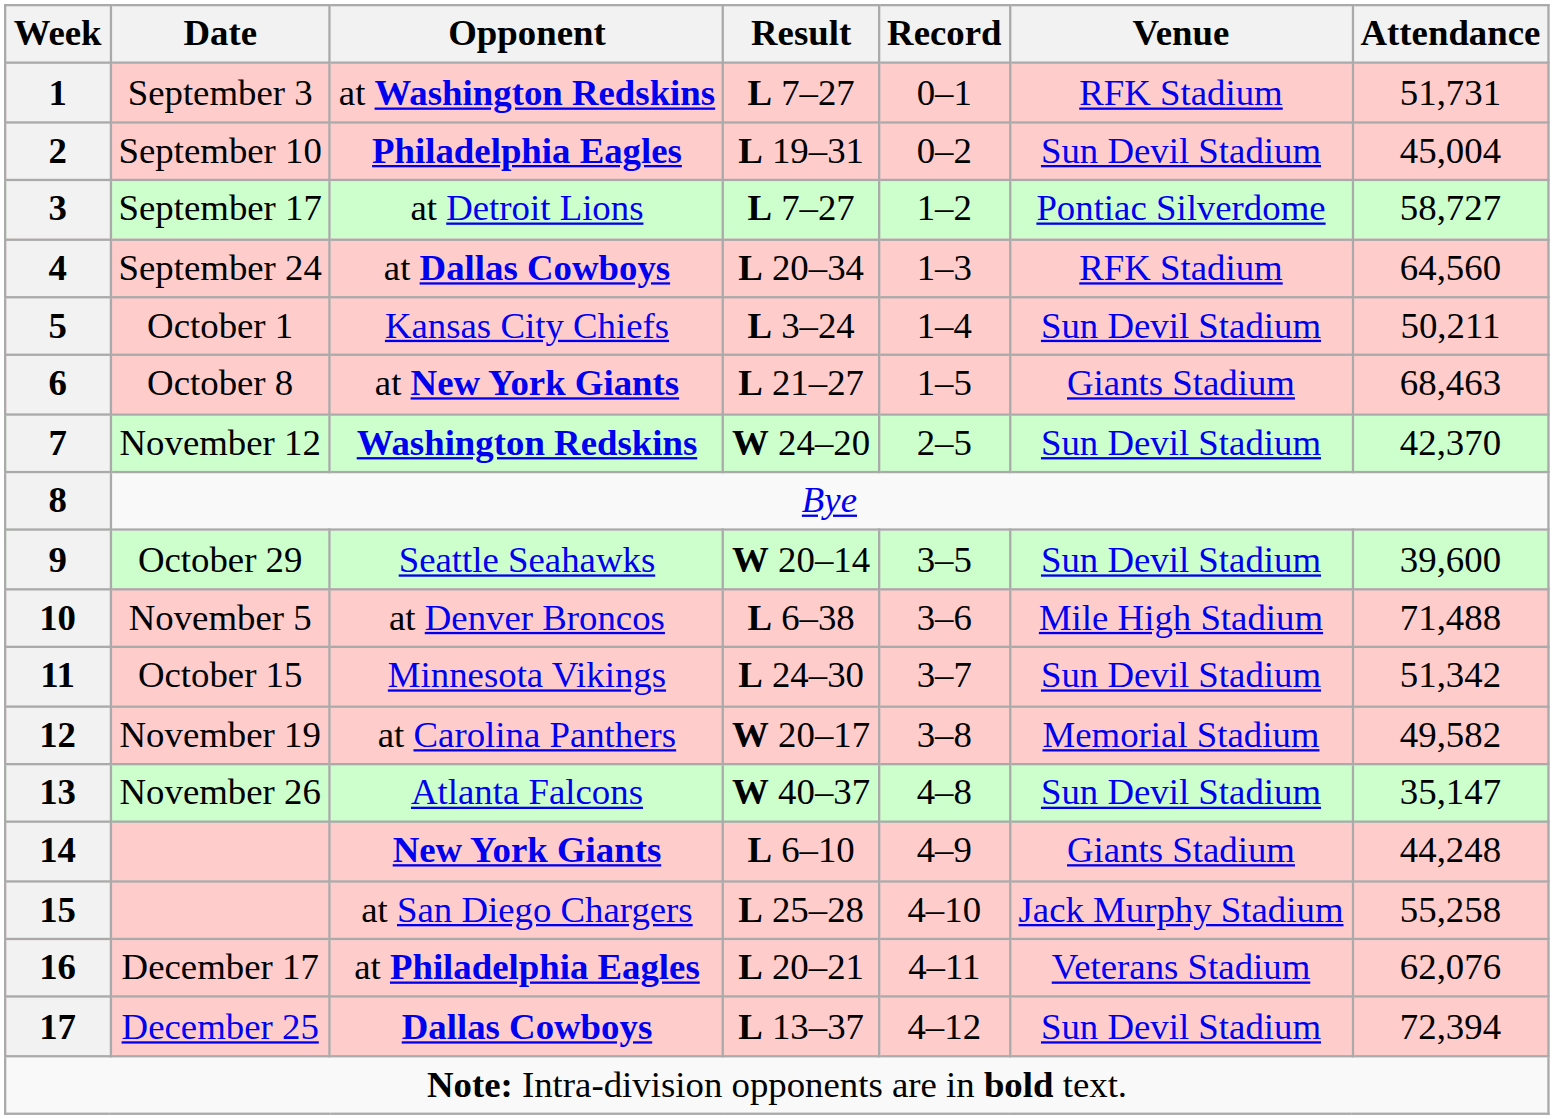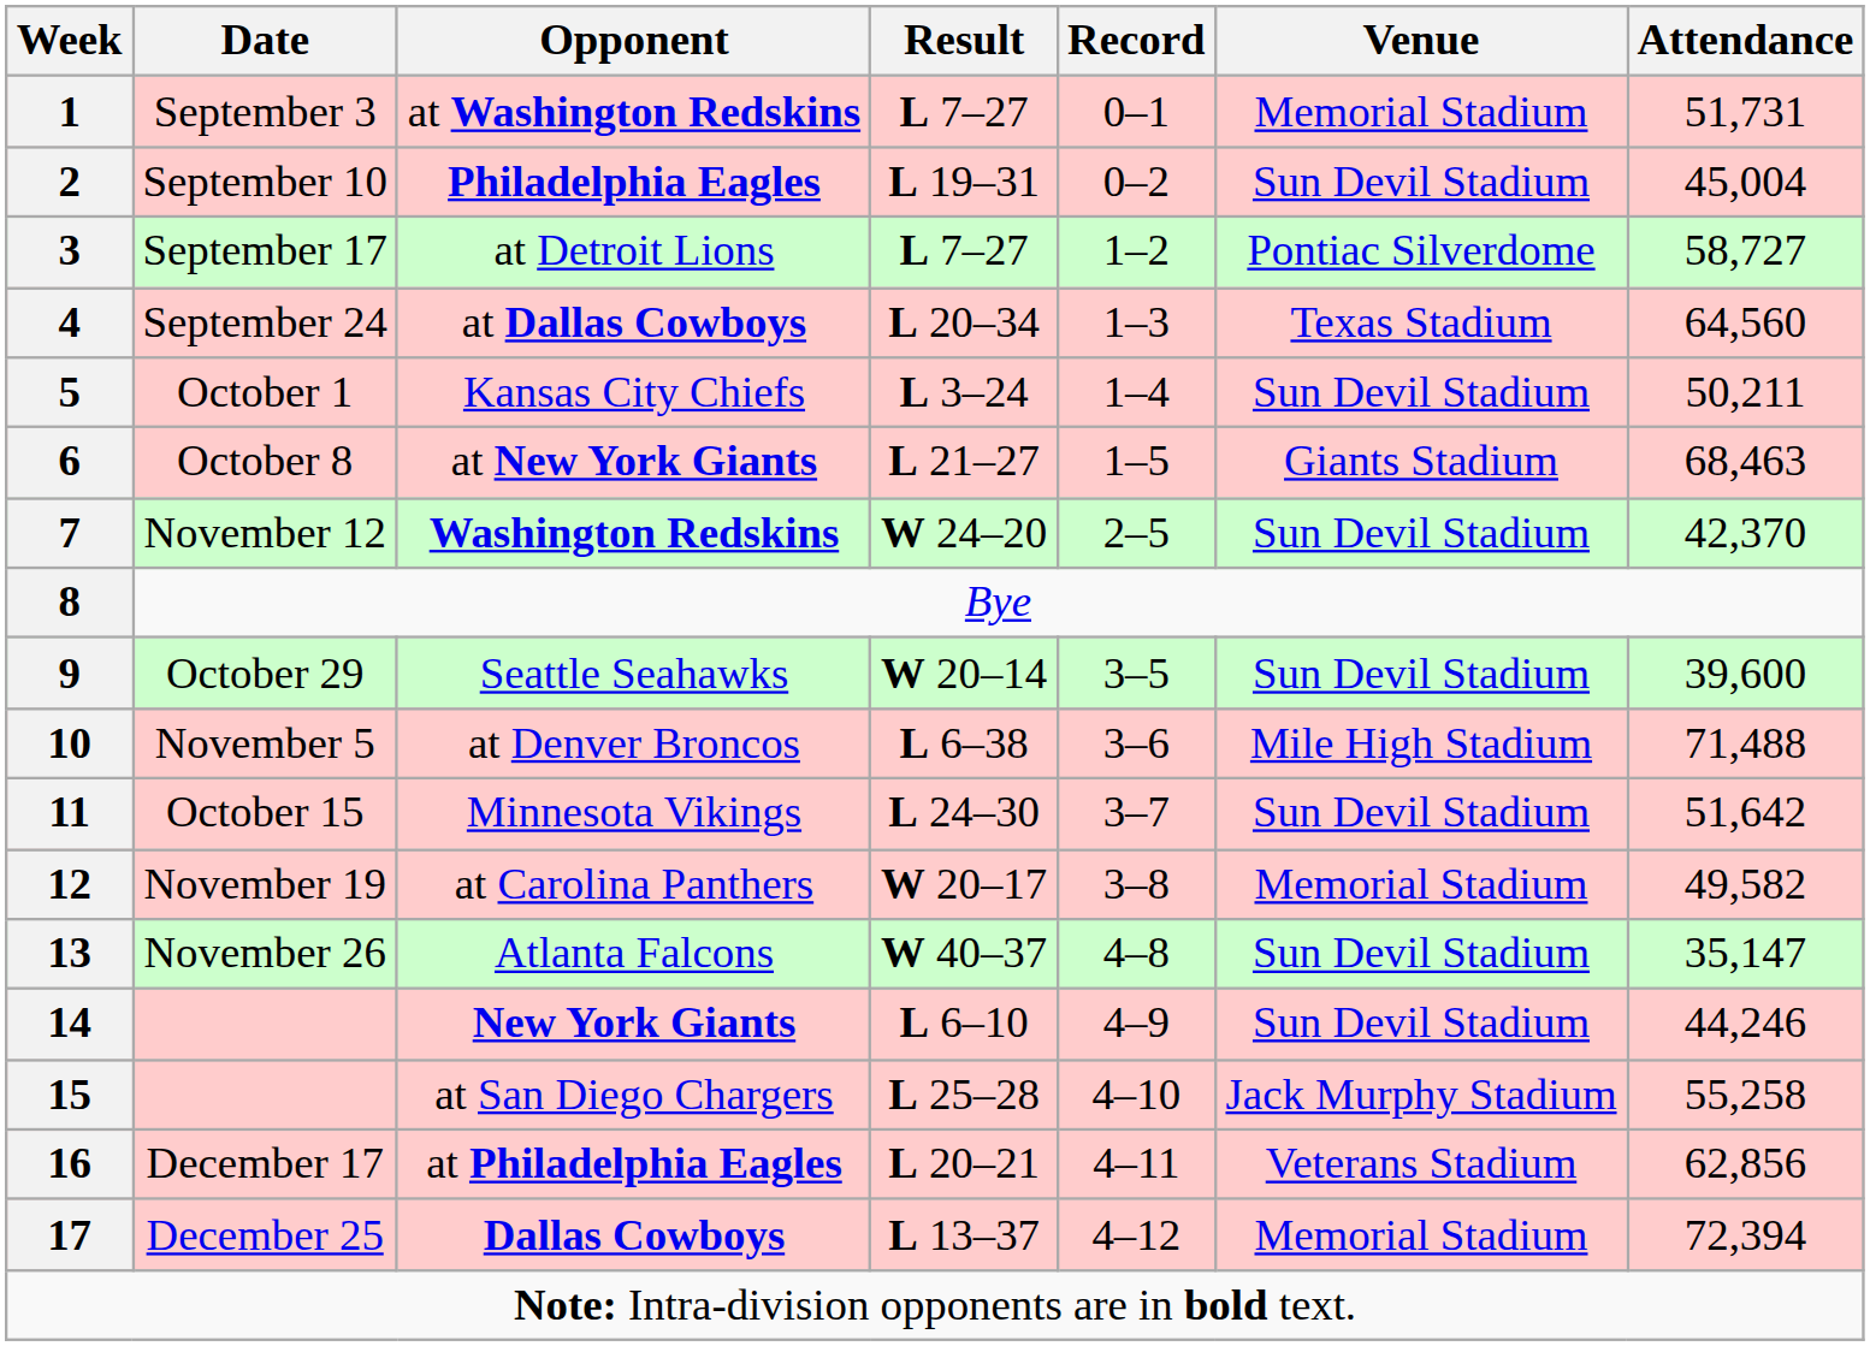 <table class="wikitable" style="text-align:center">
 <tr>
 <th>Week</th>
 <th>Date</th>
 <th>Opponent</th>
 <th>Result</th>
 <th>Record</th>
 <th>Venue</th>
 <th>Attendance</th>
 </tr>
 <tr style="background:#fcc">
 <th>1</th>
 <td>September 3</td>
 <td>at <strong><a href='#'>Washington Redskins</a></strong></td>
 <td><strong>L</strong> 7–27</td>
 <td>0–1</td>
-<td><a href='#'>RFK Stadium</a></td>
+<td><a href='#'>Memorial Stadium</a></td>
 <td>51,731</td>
 </tr>
 <tr style="background:#fcc">
 <th>2</th>
 <td>September 10</td>
 <td><strong><a href='#'>Philadelphia Eagles</a></strong></td>
 <td><strong>L</strong> 19–31</td>
 <td>0–2</td>
 <td><a href='#'>Sun Devil Stadium</a></td>
 <td>45,004</td>
 </tr>
 <tr style="background:#cfc">
 <th>3</th>
 <td>September 17</td>
 <td>at <a href='#'>Detroit Lions</a></td>
 <td><strong>L</strong> 7–27</td>
 <td>1–2</td>
 <td><a href='#'>Pontiac Silverdome</a></td>
 <td>58,727</td>
 </tr>
 <tr style="background:#fcc">
 <th>4</th>
 <td>September 24</td>
 <td>at <strong><a href='#'>Dallas Cowboys</a></strong></td>
 <td><strong>L</strong> 20–34</td>
 <td>1–3</td>
-<td><a href='#'>RFK Stadium</a></td>
+<td><a href='#'>Texas Stadium</a></td>
 <td>64,560</td>
 </tr>
 <tr style="background:#fcc">
 <th>5</th>
 <td>October 1</td>
 <td><a href='#'>Kansas City Chiefs</a></td>
 <td><strong>L</strong> 3–24</td>
 <td>1–4</td>
 <td><a href='#'>Sun Devil Stadium</a></td>
 <td>50,211</td>
 </tr>
 <tr style="background:#fcc">
 <th>6</th>
 <td>October 8</td>
 <td>at <strong><a href='#'>New York Giants</a></strong></td>
 <td><strong>L</strong> 21–27 </td>
 <td>1–5</td>
 <td><a href='#'>Giants Stadium</a></td>
 <td>68,463</td>
 </tr>
 <tr style="background:#cfc">
 <th>7</th>
 <td>November 12</td>
 <td><strong><a href='#'>Washington Redskins</a></strong></td>
 <td><strong>W</strong> 24–20</td>
 <td>2–5</td>
 <td><a href='#'>Sun Devil Stadium</a></td>
 <td>42,370</td>
 </tr>
 <tr align="center">
 <th>8</th>
 <td colspan="7"><em><a href='#'>Bye</a></em></td>
 </tr>
 <tr style="background:#cfc">
 <th>9</th>
 <td>October 29</td>
 <td><a href='#'>Seattle Seahawks</a></td>
 <td><strong>W</strong> 20–14 </td>
 <td>3–5</td>
 <td><a href='#'>Sun Devil Stadium</a></td>
 <td>39,600</td>
 </tr>
 <tr style="background:#fcc">
 <th>10</th>
 <td>November 5</td>
 <td>at <a href='#'>Denver Broncos</a></td>
 <td><strong>L</strong> 6–38</td>
 <td>3–6</td>
 <td><a href='#'>Mile High Stadium</a></td>
 <td>71,488</td>
 </tr>
 <tr style="background:#fcc">
 <th>11</th>
 <td>October 15</td>
 <td><a href='#'>Minnesota Vikings</a></td>
 <td><strong>L</strong> 24–30 </td>
 <td>3–7</td>
 <td><a href='#'>Sun Devil Stadium</a></td>
-<td>51,342</td>
+<td>51,642</td>
 </tr>
 <tr style="background:#fcc">
 <th>12</th>
 <td>November 19</td>
 <td>at <a href='#'>Carolina Panthers</a></td>
 <td><strong>W</strong> 20–17</td>
 <td>3–8</td>
 <td><a href='#'>Memorial Stadium</a></td>
 <td>49,582</td>
 </tr>
 <tr style="background:#cfc">
 <th>13</th>
 <td>November 26</td>
 <td><a href='#'>Atlanta Falcons</a></td>
 <td><strong>W</strong> 40–37 </td>
 <td>4–8</td>
 <td><a href='#'>Sun Devil Stadium</a></td>
 <td>35,147</td>
 </tr>
 <tr style="background:#fcc">
 <th>14</th>
 <td></td>
 <td><strong><a href='#'>New York Giants</a></strong></td>
 <td><strong>L</strong> 6–10</td>
 <td>4–9</td>
-<td><a href='#'>Giants Stadium</a></td>
-<td>44,248</td>
+<td><a href='#'>Sun Devil Stadium</a></td>
+<td>44,246</td>
 </tr>
 <tr style="background:#fcc">
 <th>15</th>
 <td></td>
 <td>at <a href='#'>San Diego Chargers</a></td>
 <td><strong>L</strong> 25–28</td>
 <td>4–10</td>
 <td><a href='#'>Jack Murphy Stadium</a></td>
 <td>55,258</td>
 </tr>
 <tr style="background:#fcc">
 <th>16</th>
 <td>December 17</td>
 <td>at <strong><a href='#'>Philadelphia Eagles</a></strong></td>
 <td><strong>L</strong> 20–21</td>
 <td>4–11</td>
 <td><a href='#'>Veterans Stadium</a></td>
-<td>62,076</td>
+<td>62,856</td>
 </tr>
 <tr style="background:#fcc">
 <th>17</th>
 <td><a href='#'>December 25</a></td>
 <td><strong><a href='#'>Dallas Cowboys</a></strong></td>
 <td><strong>L</strong> 13–37</td>
 <td>4–12</td>
-<td><a href='#'>Sun Devil Stadium</a></td>
+<td><a href='#'>Memorial Stadium</a></td>
 <td>72,394</td>
 </tr>
 <tr>
 <td colspan="8"><strong>Note:</strong> Intra-division opponents are in <strong>bold</strong> text.</td>
 </tr>
 </table>
